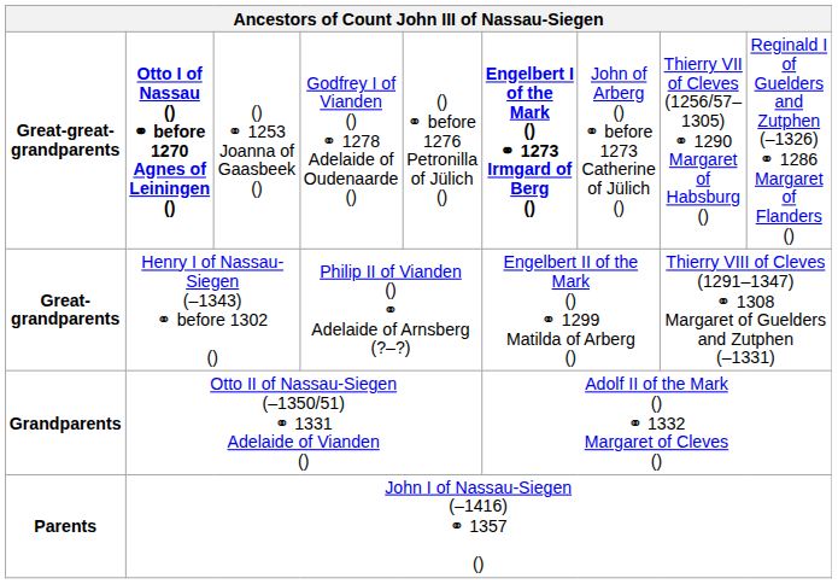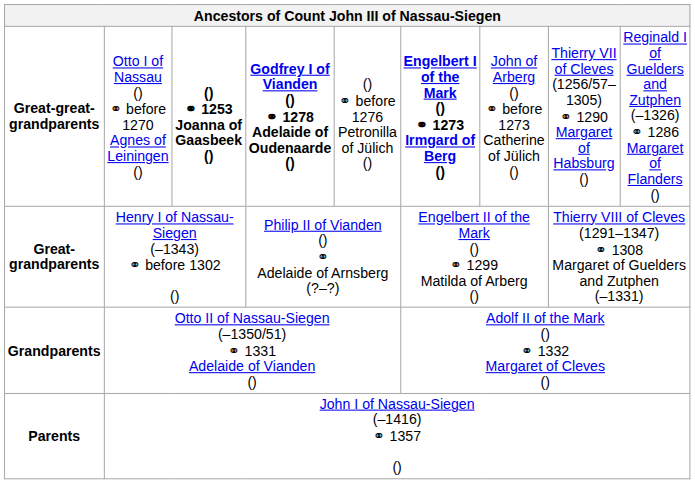 <table class="wikitable" style="background:#FFFFFF; font-size:85%; text-align:center">
 <tr bgcolor="#E0E0E0">
 <th colspan="9">Ancestors of Count John III of Nassau-Siegen</th>
 </tr>
 <tr>
 <td><strong>Great-great-grandparents</strong></td>
-<td colspan="1"><strong><a href='#'>Otto I of Nassau</a><br>()<br>⚭ before 1270<br><a href='#'>Agnes of Leiningen</a><br>()</strong></td>
-<td colspan="1"><br>()<br>⚭ 1253<br>Joanna of Gaasbeek<br>()</td>
-<td colspan="1"><a href='#'>Godfrey I of Vianden</a><br>()<br>⚭ 1278<br>Adelaide of Oudenaarde<br>()</td>
+<td colspan="1"><a href='#'>Otto I of Nassau</a><br>()<br>⚭ before 1270<br><a href='#'>Agnes of Leiningen</a><br>()</td>
+<td colspan="1"><strong><br>()<br>⚭ 1253<br>Joanna of Gaasbeek<br>()</strong></td>
+<td colspan="1"><strong><a href='#'>Godfrey I of Vianden</a><br>()<br>⚭ 1278<br>Adelaide of Oudenaarde<br>()</strong></td>
 <td colspan="1"><br>()<br>⚭ before 1276<br>Petronilla of Jülich<br>()</td>
 <td colspan="1"><strong><a href='#'>Engelbert I of the Mark</a><br>()<br>⚭ 1273<br><a href='#'>Irmgard of Berg</a><br>()</strong></td>
 <td colspan="1"><a href='#'>John of Arberg</a><br>()<br>⚭ before 1273<br>Catherine of Jülich<br>()</td>
 <td colspan="1"><a href='#'>Thierry VII of Cleves</a><br>(1256/57–1305)<br>⚭ 1290<br><a href='#'>Margaret of Habsburg</a><br>()</td>
 <td colspan="1"><a href='#'>Reginald I of Guelders and Zutphen</a><br>(–1326)<br>⚭ 1286<br><a href='#'>Margaret of Flanders</a><br>()</td>
 </tr>
 <tr>
 <td><strong>Great-grandparents</strong></td>
 <td colspan="2"><a href='#'>Henry I of Nassau-Siegen</a><br>(–1343)<br>⚭ before 1302<br><br>()</td>
 <td colspan="2"><a href='#'>Philip II of Vianden</a><br>()<br>⚭<br>Adelaide of Arnsberg<br>(?–?)</td>
 <td colspan="2"><a href='#'>Engelbert&nbsp;II of the Mark</a><br>()<br>⚭ 1299<br>Matilda of Arberg<br>()</td>
 <td colspan="2"><a href='#'>Thierry VIII of Cleves</a><br>(1291–1347)<br>⚭ 1308<br>Margaret of Guelders and Zutphen<br>(–1331)</td>
 </tr>
 <tr>
 <td><strong>Grandparents</strong></td>
 <td colspan="4"><a href='#'>Otto II of Nassau-Siegen</a><br>(–1350/51)<br>⚭ 1331<br><a href='#'>Adelaide of Vianden</a><br>()</td>
 <td colspan="4"><a href='#'>Adolf II of the Mark</a><br>()<br>⚭ 1332<br><a href='#'>Margaret of Cleves</a><br>()</td>
 </tr>
 <tr>
 <td><strong>Parents</strong></td>
 <td colspan="8"><a href='#'>John I of Nassau-Siegen</a><br>(–1416)<br>⚭ 1357<br><br>()</td>
 </tr>
 </table>
